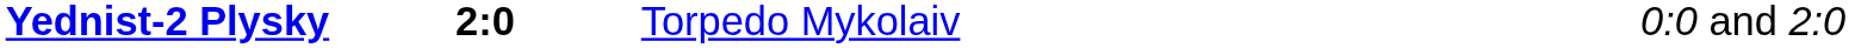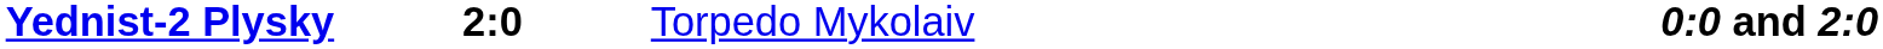 <table width=100% cellspacing=1>
 <tr>
 <th width=20%></th>
 <th width=12%></th>
 <th width=20%></th>
 <th></th>
 </tr>
 <tr style=font-size:90%>
 <td align=right><strong><a href='#'>Yednist-2 Plysky</a></strong></td>
 <td align=center><strong>2:0</strong></td>
 <td><a href='#'>Torpedo Mykolaiv</a></td>
-<td align=center><em>0:0</em> and <em>2:0</em></td>
+<td align=center><strong><em>0:0</em> and <em>2:0</em></strong></td>
 </tr>
 </table>
